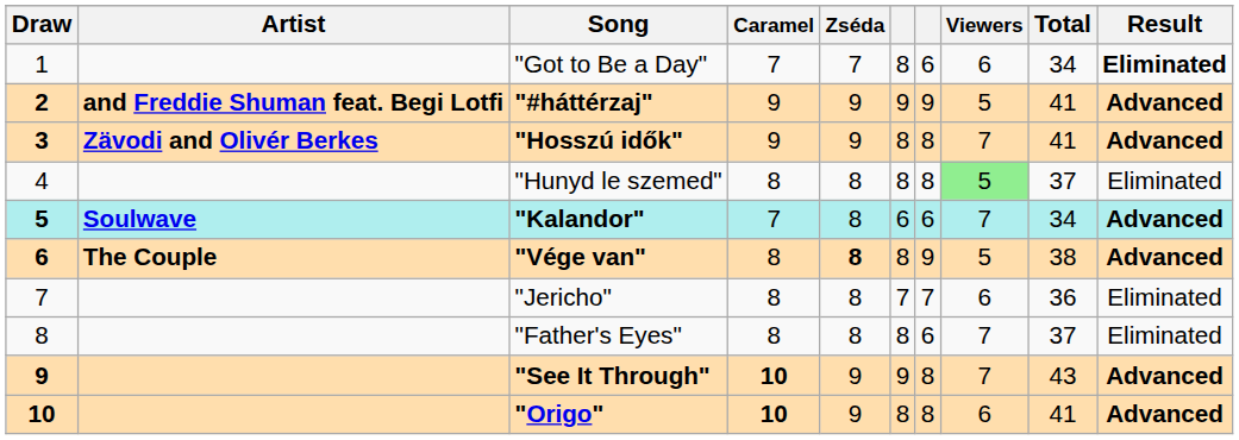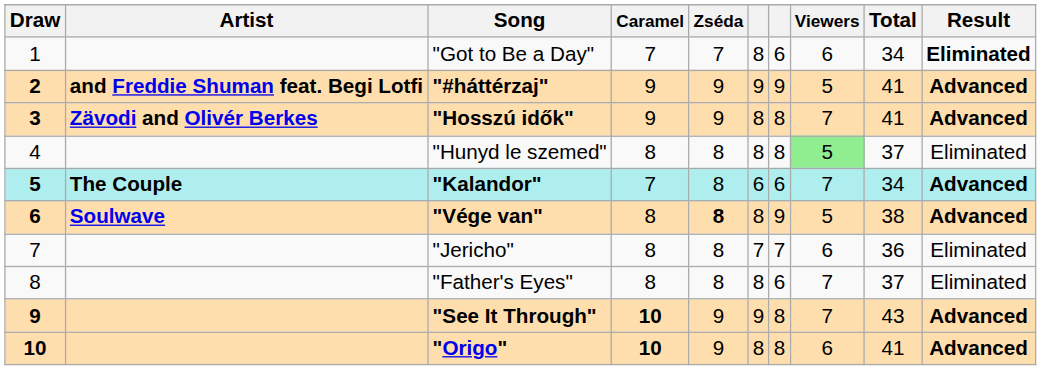 <table class="sortable wikitable" style="margin: 1em auto 1em auto; text-align:center">
 <tr>
 </tr>
 <tr>
 <th>Draw</th>
 <th>Artist</th>
 <th>Song</th>
 <th><small>Caramel</small></th>
 <th><small>Zséda</small></th>
 <th><small></small></th>
 <th><small></small></th>
 <th><small>Viewers</small></th>
 <th>Total</th>
 <th>Result</th>
 </tr>
 <tr>
 <td>1</td>
 <td align="left"></td>
 <td align="left">"Got to Be a Day"</td>
 <td>7</td>
 <td>7</td>
 <td>8</td>
 <td>6</td>
 <td>6</td>
 <td>34</td>
 <td><strong>Eliminated</strong></td>
 </tr>
 <tr style="background:navajowhite;">
 <td><strong>2</strong></td>
 <td align="left"><strong> and <a href='#'>Freddie Shuman</a> feat. Begi Lotfi</strong></td>
 <td align="left"><strong>"#háttérzaj"</strong></td>
 <td>9</td>
 <td>9</td>
 <td>9</td>
 <td>9</td>
 <td>5</td>
 <td>41</td>
 <td><strong>Advanced</strong></td>
 </tr>
 <tr style="background:navajowhite;">
 <td><strong>3</strong></td>
 <td align="left"><strong><a href='#'>Zävodi</a> and <a href='#'>Olivér Berkes</a></strong></td>
 <td align="left"><strong>"Hosszú idők"</strong></td>
 <td>9</td>
 <td>9</td>
 <td>8</td>
 <td>8</td>
 <td>7</td>
 <td>41</td>
 <td><strong>Advanced</strong></td>
 </tr>
 <tr>
 <td>4</td>
 <td align="left"></td>
 <td align="left">"Hunyd le szemed"</td>
 <td>8</td>
 <td>8</td>
 <td>8</td>
 <td>8</td>
 <td style="background: lightgreen;">5</td>
 <td>37</td>
 <td>Eliminated</td>
 </tr>
 <tr style="background:paleturquoise;">
 <td><strong>5</strong></td>
-<td align="left"><strong><a href='#'>Soulwave</a></strong></td>
+<td align="left" data-sort-value="Couple, The"><strong>The Couple</strong></td>
 <td align="left"><strong>"Kalandor"</strong></td>
 <td>7</td>
 <td>8</td>
 <td>6</td>
 <td>6</td>
 <td>7</td>
 <td>34</td>
 <td><strong>Advanced</strong></td>
 </tr>
 <tr style="background:navajowhite;">
 <td><strong>6</strong></td>
-<td align="left" data-sort-value="Couple, The"><strong>The Couple</strong></td>
+<td align="left"><strong><a href='#'>Soulwave</a></strong></td>
 <td align="left"><strong>"Vége van"</strong></td>
 <td>8</td>
 <td><strong>8</strong></td>
 <td>8</td>
 <td>9</td>
 <td>5</td>
 <td>38</td>
 <td><strong>Advanced</strong></td>
 </tr>
 <tr>
 <td>7</td>
 <td align="left"></td>
 <td align="left">"Jericho"</td>
 <td>8</td>
 <td>8</td>
 <td>7</td>
 <td>7</td>
 <td>6</td>
 <td>36</td>
 <td>Eliminated</td>
 </tr>
 <tr>
 <td>8</td>
 <td align="left"></td>
 <td align="left">"Father's Eyes"</td>
 <td>8</td>
 <td>8</td>
 <td>8</td>
 <td>6</td>
 <td>7</td>
 <td>37</td>
 <td>Eliminated</td>
 </tr>
 <tr style="background:navajowhite;">
 <td><strong>9</strong></td>
 <td align="left"><strong></strong></td>
 <td align="left"><strong>"See It Through"</strong></td>
 <td><strong>10</strong></td>
 <td>9</td>
 <td>9</td>
 <td>8</td>
 <td>7</td>
 <td>43</td>
 <td><strong>Advanced</strong></td>
 </tr>
 <tr style="background:navajowhite;">
 <td><strong>10</strong></td>
 <td align="left"><strong></strong></td>
 <td align="left"><strong>"<a href='#'>Origo</a>"</strong></td>
 <td><strong>10</strong></td>
 <td>9</td>
 <td>8</td>
 <td>8</td>
 <td>6</td>
 <td>41</td>
 <td><strong>Advanced</strong></td>
 </tr>
 </table>
